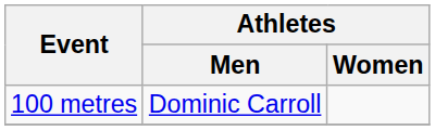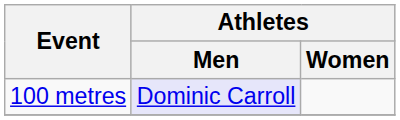 <table class=wikitable>
 <tr>
 <th rowspan=2>Event</th>
 <th colspan=2>Athletes</th>
 </tr>
 <tr>
 <th>Men</th>
 <th>Women</th>
 </tr>
 <tr>
 <td><a href='#'>100 metres</a></td>
-<td><a href='#'>Dominic Carroll</a></td>
+<td style="background: lavender;"><a href='#'>Dominic Carroll</a></td>
 <td></td>
 </tr>
 <tr>
 </tr>
 </table>
